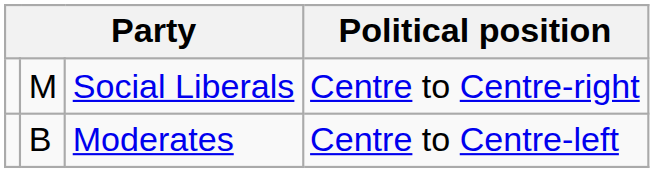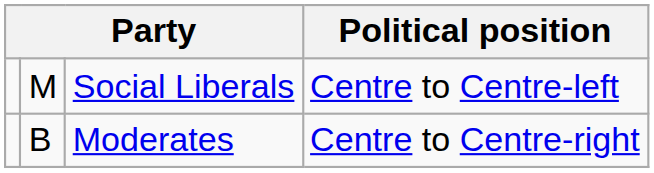 <table class="wikitable">
 <tr>
 <th colspan="3">Party</th>
 <th>Political position</th>
 </tr>
 <tr>
 <td></td>
 <td>M</td>
 <td><a href='#'>Social Liberals</a></td>
-<td><a href='#'>Centre</a> to <a href='#'>Centre-right</a></td>
+<td><a href='#'>Centre</a> to <a href='#'>Centre-left</a></td>
 </tr>
 <tr>
 <td></td>
 <td>B</td>
 <td><a href='#'>Moderates</a></td>
-<td><a href='#'>Centre</a> to <a href='#'>Centre-left</a></td>
+<td><a href='#'>Centre</a> to <a href='#'>Centre-right</a></td>
 </tr>
 </table>
